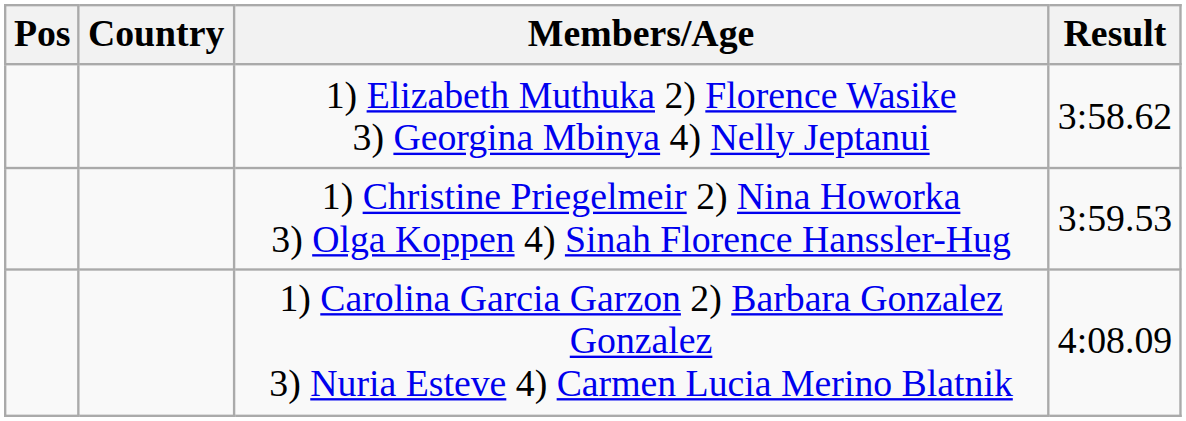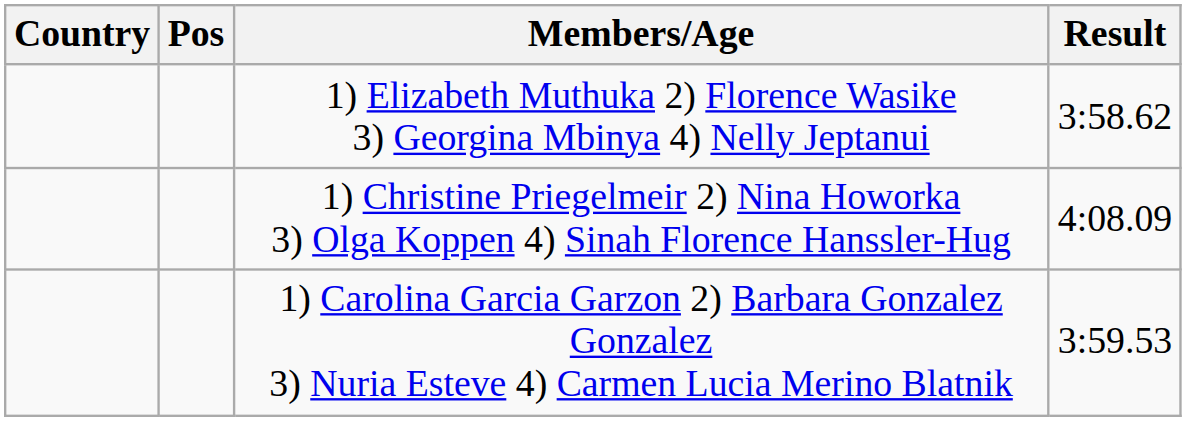 <table class="wikitable"  style="text-align:center; width:80%;">
 <tr>
+<th>Country</th>
 <th>Pos</th>
-<th>Country</th>
 <th>Members/Age</th>
 <th>Result</th>
 </tr>
 <tr>
+<td align=left></td>
 <td align=center></td>
-<td align=left></td>
 <td>1) <a href='#'>Elizabeth Muthuka</a> 2) <a href='#'>Florence Wasike</a><br>3) <a href='#'>Georgina Mbinya</a> 4) <a href='#'>Nelly Jeptanui</a></td>
 <td>3:58.62</td>
 </tr>
 <tr>
+<td align=left></td>
 <td align=center></td>
+<td>1) <a href='#'>Christine Priegelmeir</a> 2) <a href='#'>Nina Howorka</a><br>3) <a href='#'>Olga Koppen</a> 4) <a href='#'>Sinah Florence Hanssler-Hug</a></td>
+<td>4:08.09</td>
+</tr>
+<tr>
 <td align=left></td>
-<td>1) <a href='#'>Christine Priegelmeir</a> 2) <a href='#'>Nina Howorka</a><br>3) <a href='#'>Olga Koppen</a> 4) <a href='#'>Sinah Florence Hanssler-Hug</a></td>
+<td align=center></td>
+<td>1) <a href='#'>Carolina Garcia Garzon</a> 2) <a href='#'>Barbara Gonzalez Gonzalez</a><br>3) <a href='#'>Nuria Esteve</a> 4) <a href='#'>Carmen Lucia Merino Blatnik</a></td>
 <td>3:59.53</td>
 </tr>
-<tr>
-<td align=center></td>
-<td align=left></td>
-<td>1) <a href='#'>Carolina Garcia Garzon</a> 2) <a href='#'>Barbara Gonzalez Gonzalez</a><br>3) <a href='#'>Nuria Esteve</a> 4) <a href='#'>Carmen Lucia Merino Blatnik</a></td>
-<td>4:08.09</td>
-</tr>
 </table>
